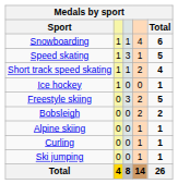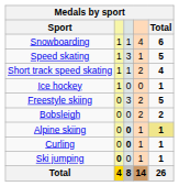 <table class="wikitable" style="font-size:85%;float:right;text-align:center">
 <tr>
 <th colspan=5>Medals by sport</th>
 </tr>
 <tr>
 <th>Sport</th>
 <td bgcolor=F7F6A8></td>
 <td bgcolor=DCE5E5></td>
 <td bgcolor=FFDAB9></td>
 <th>Total</th>
 </tr>
 <tr>
 <td><a href='#'>Snowboarding</a></td>
 <td bgcolor=F7F6A8>1</td>
 <td bgcolor=DCE5E5>1</td>
 <td bgcolor=FFDAB9>4</td>
 <td><strong>6</strong></td>
 </tr>
 <tr>
 <td><a href='#'>Speed skating</a></td>
 <td bgcolor=F7F6A8>1</td>
 <td bgcolor=DCE5E5>3</td>
 <td bgcolor=FFDAB9>1</td>
 <td><strong>5</strong></td>
 </tr>
 <tr>
 <td><a href='#'>Short track speed skating</a></td>
 <td bgcolor=F7F6A8>1</td>
 <td bgcolor=DCE5E5>1</td>
 <td bgcolor=FFDAB9>2</td>
 <td><strong>4</strong></td>
 </tr>
 <tr>
 <td><a href='#'>Ice hockey</a></td>
 <td bgcolor=F7F6A8>1</td>
 <td bgcolor=DCE5E5>0</td>
 <td bgcolor=FFDAB9>0</td>
 <td><strong>1</strong></td>
 </tr>
 <tr>
 <td><a href='#'>Freestyle skiing</a></td>
 <td bgcolor=F7F6A8>0</td>
 <td bgcolor=DCE5E5>3</td>
 <td bgcolor=FFDAB9>2</td>
 <td><strong>5</strong></td>
 </tr>
 <tr>
 <td><a href='#'>Bobsleigh</a></td>
 <td bgcolor=F7F6A8>0</td>
 <td bgcolor=DCE5E5>0</td>
 <td bgcolor=FFDAB9>2</td>
 <td><strong>2</strong></td>
 </tr>
 <tr>
 <td><a href='#'>Alpine skiing</a></td>
 <td bgcolor=F7F6A8>0</td>
-<td bgcolor=DCE5E5>0</td>
+<td bgcolor=DCE5E5><strong>0</strong></td>
 <td bgcolor=FFDAB9>1</td>
-<td><strong>1</strong></td>
+<td style="background: khaki;"><strong>1</strong></td>
 </tr>
 <tr>
 <td><a href='#'>Curling</a></td>
 <td bgcolor=F7F6A8>0</td>
-<td bgcolor=DCE5E5>0</td>
+<td bgcolor=DCE5E5><strong>0</strong></td>
 <td bgcolor=FFDAB9>1</td>
 <td><strong>1</strong></td>
 </tr>
 <tr>
 <td><a href='#'>Ski jumping</a></td>
-<td bgcolor=F7F6A8>0</td>
+<td bgcolor=F7F6A8><strong>0</strong></td>
 <td bgcolor=DCE5E5>0</td>
 <td bgcolor=FFDAB9>1</td>
 <td><strong>1</strong></td>
 </tr>
 <tr>
 <th>Total</th>
 <th style=background:gold>4</th>
 <th style=background:silver>8</th>
 <th style=background:#c96>14</th>
 <th>26</th>
 </tr>
 </table>
